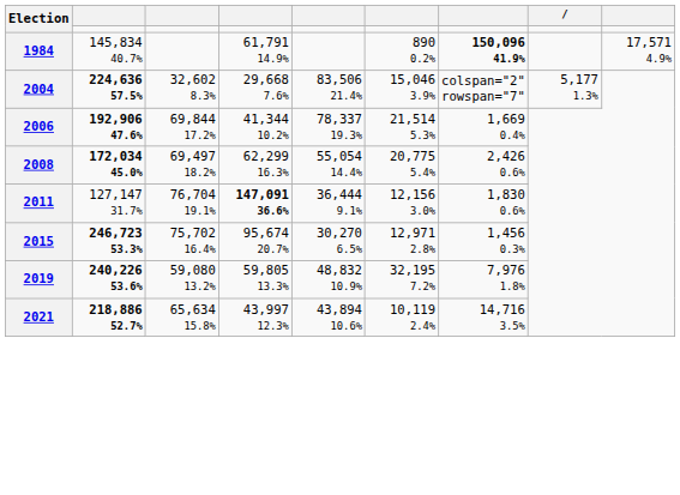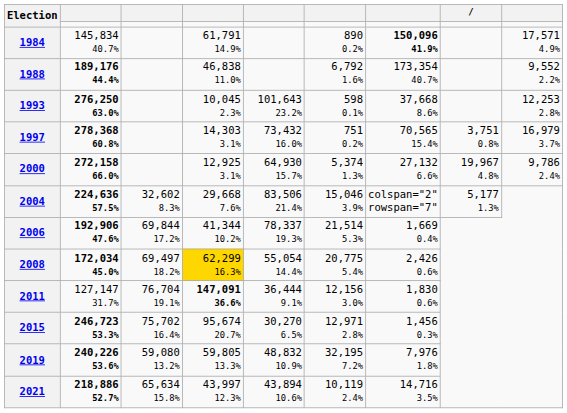 <table class="wikitable" style="text-align:right; line-height:16px">
 <tr>
 <th rowspan="2" width="20">Election</th>
 <th width="70" style="font-size:85%"></th>
 <th width="70" style="font-size:85%"></th>
 <th width="70" style="font-size:85%"></th>
 <th width="70" style="font-size:85%"></th>
 <th width="70" style="font-size:85%"></th>
 <th width="70" style="font-size:85%"></th>
 <th width="70" style="font-size:85%"> /<br></th>
 <th width="70" style="font-size:85%"></th>
 </tr>
 <tr>
 <td></td>
 <td></td>
 <td></td>
 <td></td>
 <td></td>
 <td></td>
 <td></td>
 <td></td>
 </tr>
 <tr>
 <th scope="row"><a href='#'>1984</a></th>
 <td>145,834<br><small>40.7%</small></td>
 <td></td>
 <td>61,791<br><small>14.9%</small></td>
 <td></td>
 <td>890<br><small>0.2%</small></td>
 <td><strong>150,096<br><small>41.9%</small></strong></td>
 <td></td>
 <td>17,571<br><small>4.9%</small></td>
 </tr>
 <tr>
+<th scope="row"><a href='#'>1988</a></th>
+<td><strong>189,176<br><small>44.4%</small></strong></td>
+<td></td>
+<td>46,838<br><small>11.0%</small></td>
+<td></td>
+<td>6,792<br><small>1.6%</small></td>
+<td>173,354<br><small>40.7%</small></td>
+<td></td>
+<td>9,552<br><small>2.2%</small></td>
+</tr>
+<tr>
+<th scope="row"><a href='#'>1993</a></th>
+<td><strong>276,250<br><small>63.0%</small></strong></td>
+<td></td>
+<td>10,045<br><small>2.3%</small></td>
+<td>101,643<br><small>23.2%</small></td>
+<td>598<br><small>0.1%</small></td>
+<td>37,668<br><small>8.6%</small></td>
+<td></td>
+<td>12,253<br><small>2.8%</small></td>
+</tr>
+<tr>
+<th scope="row"><a href='#'>1997</a></th>
+<td><strong>278,368<br><small>60.8%</small></strong></td>
+<td></td>
+<td>14,303<br><small>3.1%</small></td>
+<td>73,432<br><small>16.0%</small></td>
+<td>751<br><small>0.2%</small></td>
+<td>70,565<br><small>15.4%</small></td>
+<td>3,751<br><small>0.8%</small></td>
+<td>16,979<br><small>3.7%</small></td>
+</tr>
+<tr>
+<th scope="row"><a href='#'>2000</a></th>
+<td><strong>272,158<br><small>66.0%</small></strong></td>
+<td></td>
+<td>12,925<br><small>3.1%</small></td>
+<td>64,930<br><small>15.7%</small></td>
+<td>5,374<br><small>1.3%</small></td>
+<td>27,132<br><small>6.6%</small></td>
+<td>19,967<br><small>4.8%</small></td>
+<td>9,786<br><small>2.4%</small></td>
+</tr>
+<tr>
 <th scope="row"><a href='#'>2004</a></th>
 <td><strong>224,636<br><small>57.5%</small></strong></td>
 <td>32,602<br><small>8.3%</small></td>
 <td>29,668<br><small>7.6%</small></td>
 <td>83,506<br><small>21.4%</small></td>
 <td>15,046<br><small>3.9%</small></td>
 <td>colspan="2" rowspan="7" </td>
 <td>5,177<br><small>1.3%</small></td>
 </tr>
 <tr>
 <th scope="row"><a href='#'>2006</a></th>
 <td><strong>192,906<br><small>47.6%</small></strong></td>
 <td>69,844<br><small>17.2%</small></td>
 <td>41,344<br><small>10.2%</small></td>
 <td>78,337<br><small>19.3%</small></td>
 <td>21,514<br><small>5.3%</small></td>
 <td>1,669<br><small>0.4%</small></td>
 </tr>
 <tr>
 <th scope="row"><a href='#'>2008</a></th>
 <td><strong>172,034<br><small>45.0%</small></strong></td>
 <td>69,497<br><small>18.2%</small></td>
-<td>62,299<br><small>16.3%</small></td>
+<td style="background: gold;">62,299<br><small>16.3%</small></td>
 <td>55,054<br><small>14.4%</small></td>
 <td>20,775<br><small>5.4%</small></td>
 <td>2,426<br><small>0.6%</small></td>
 </tr>
 <tr>
 <th scope="row"><a href='#'>2011</a></th>
 <td>127,147<br><small>31.7%</small></td>
 <td>76,704<br><small>19.1%</small></td>
 <td><strong>147,091<br><small>36.6%</small></strong></td>
 <td>36,444<br><small>9.1%</small></td>
 <td>12,156<br><small>3.0%</small></td>
 <td>1,830<br><small>0.6%</small></td>
 </tr>
 <tr>
 <th scope="row"><a href='#'>2015</a></th>
 <td><strong>246,723<br><small>53.3%</small></strong></td>
 <td>75,702<br><small>16.4%</small></td>
 <td>95,674<br><small>20.7%</small></td>
 <td>30,270<br><small>6.5%</small></td>
 <td>12,971<br><small>2.8%</small></td>
 <td>1,456<br><small>0.3%</small></td>
 </tr>
 <tr>
 <th scope="row"><a href='#'>2019</a></th>
 <td><strong>240,226<br><small>53.6%</small></strong></td>
 <td>59,080<br><small>13.2%</small></td>
 <td>59,805<br><small>13.3%</small></td>
 <td>48,832<br><small>10.9%</small></td>
 <td>32,195<br><small>7.2%</small></td>
 <td>7,976<br><small>1.8%</small></td>
 </tr>
 <tr>
 <th scope="row"><a href='#'>2021</a></th>
 <td><strong>218,886<br><small>52.7%</small></strong></td>
 <td>65,634<br><small>15.8%</small></td>
 <td>43,997<br><small>12.3%</small></td>
 <td>43,894<br><small>10.6%</small></td>
 <td>10,119<br><small>2.4%</small></td>
 <td>14,716<br><small>3.5%</small></td>
 </tr>
 </table>
